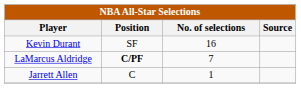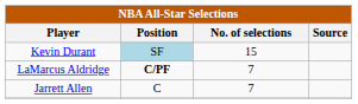 <table class="wikitable" style="text-align:center">
 <tr>
 <td colspan="5" style= "background: #BF5700; color:white"><strong>NBA All-Star Selections</strong></td>
 </tr>
 <tr>
 <th style="width:150px; ">Player</th>
 <th style="width:90px; ">Position</th>
 <th style="width:150px; ">No. of selections</th>
 <th style="width:50px; ">Source</th>
 </tr>
 <tr>
 <td><a href='#'>Kevin Durant</a></td>
-<td>SF</td>
-<td>16</td>
+<td style="background: lightblue;">SF</td>
+<td>15</td>
 <td></td>
 </tr>
 <tr>
 <td><a href='#'>LaMarcus Aldridge</a></td>
 <td><strong>C/PF</strong></td>
 <td>7</td>
 <td></td>
 </tr>
 <tr>
 <td><a href='#'>Jarrett Allen</a></td>
 <td>C</td>
-<td>1</td>
+<td>7</td>
 <td></td>
 </tr>
 <tr>
 </tr>
 </table>
